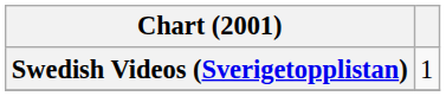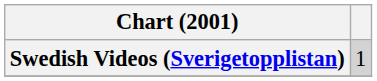 <table class="wikitable sortable plainrowheaders" style="text-align:center;">
 <tr>
 <th scope="col">Chart (2001)</th>
 <th scope="col"></th>
 </tr>
 <tr>
 <th scope="row">Swedish Videos (<a href='#'>Sverigetopplistan</a>)</th>
-<td>1</td>
+<td style="background: lightgrey;">1</td>
 </tr>
 <tr>
 </tr>
 </table>
